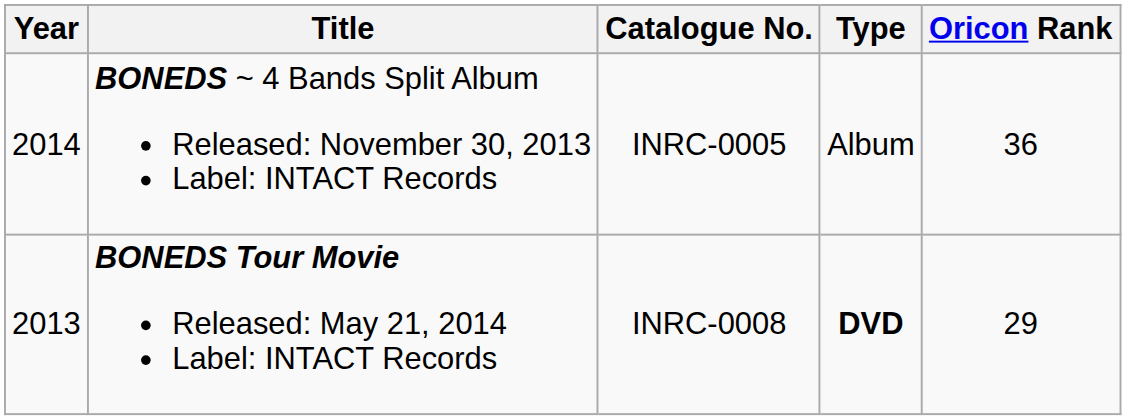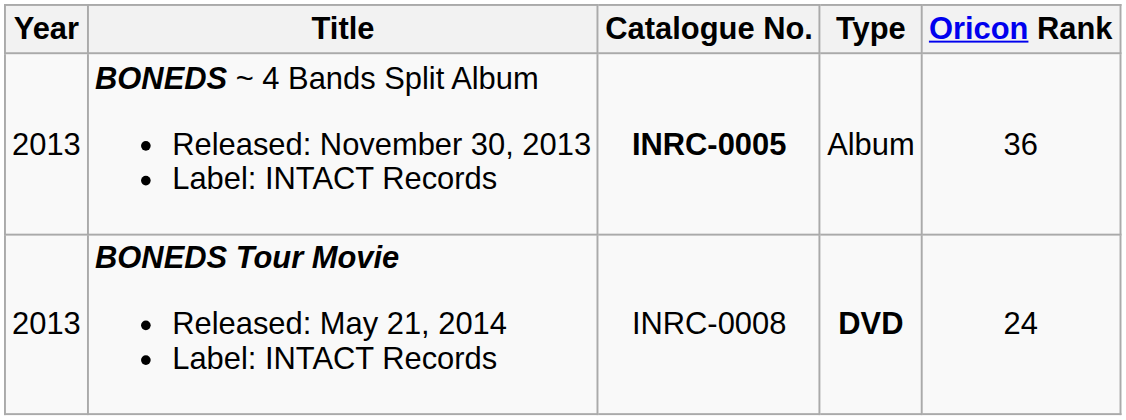 <table class="wikitable">
 <tr>
 <th>Year</th>
 <th>Title</th>
 <th>Catalogue No.</th>
 <th>Type</th>
 <th><a href='#'>Oricon</a> Rank</th>
 </tr>
 <tr>
-<td>2014</td>
+<td>2013</td>
 <td><strong><em>BONEDS</em></strong> ~ 4 Bands Split Album<br><ul><li>Released: November 30, 2013</li><li>Label: INTACT Records</li></ul></td>
-<td align="center">INRC-0005</td>
+<td align="center"><strong>INRC-0005</strong></td>
 <td align="center">Album</td>
 <td align="center">36</td>
 </tr>
 <tr>
 <td>2013</td>
 <td><strong><em>BONEDS Tour Movie</em></strong><br><ul><li>Released: May 21, 2014</li><li>Label: INTACT Records</li></ul></td>
 <td align="center">INRC-0008</td>
 <td align="center"><strong>DVD</strong></td>
-<td align="center">29</td>
+<td align="center">24</td>
 </tr>
 </table>
